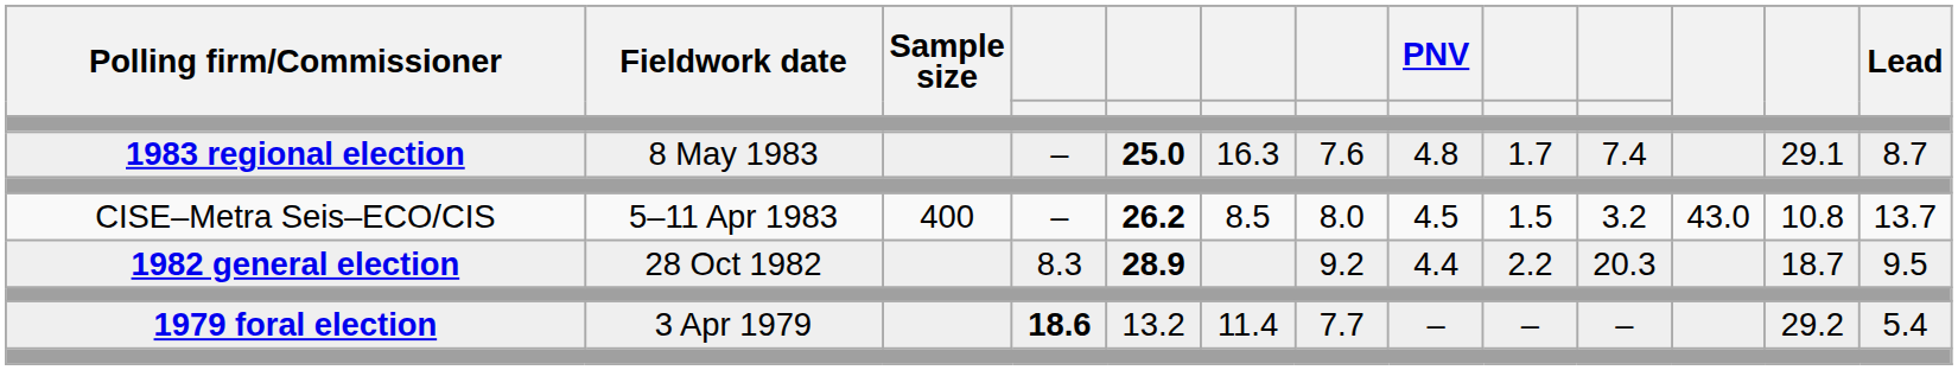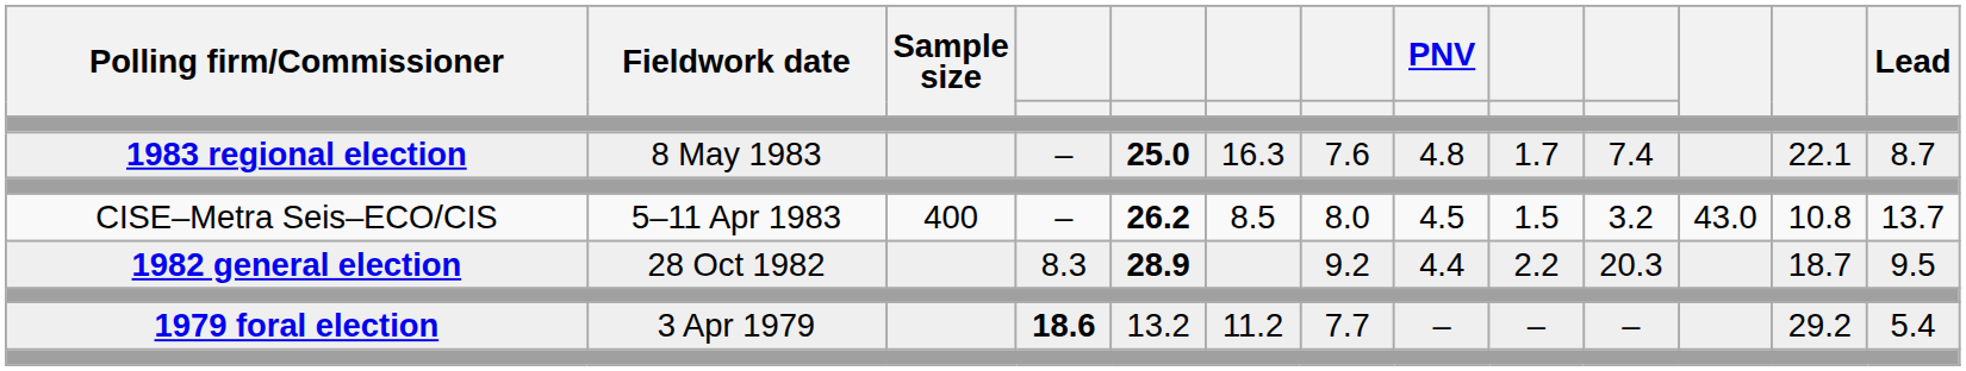 <table class="wikitable collapsible collapsed" style="text-align:center; font-size:90%; line-height:14px;">
 <tr style="height:42px;">
 <th style="width:250px;" rowspan="2">Polling firm/Commissioner</th>
 <th style="width:125px;" rowspan="2">Fieldwork date</th>
 <th style="width:50px;" rowspan="2">Sample size</th>
 <th style="width:35px;"></th>
 <th style="width:35px;"></th>
 <th style="width:35px;"></th>
 <th style="width:35px;"></th>
 <th style="width:35px;"><a href='#'>PNV</a></th>
 <th style="width:35px;"></th>
 <th style="width:35px;"></th>
 <th style="width:35px;" rowspan="2"></th>
 <th style="width:35px;" rowspan="2"></th>
 <th style="width:30px;" rowspan="2">Lead</th>
 </tr>
 <tr>
 <th style="color:inherit;background:"></th>
 <th style="color:inherit;background:"></th>
 <th style="color:inherit;background:"></th>
 <th style="color:inherit;background:"></th>
 <th style="color:inherit;background:"></th>
 <th style="color:inherit;background:"></th>
 <th style="color:inherit;background:"></th>
 </tr>
 <tr>
 <td colspan="13" style="background:#A0A0A0"></td>
 </tr>
 <tr style="background:#EFEFEF;">
 <td><strong><a href='#'>1983 regional election</a></strong></td>
 <td>8 May 1983</td>
 <td></td>
 <td>–</td>
 <td><strong>25.0</strong></td>
 <td>16.3</td>
 <td>7.6</td>
 <td>4.8</td>
 <td>1.7</td>
 <td>7.4</td>
 <td></td>
-<td>29.1</td>
+<td>22.1</td>
 <td style="background:">8.7</td>
 </tr>
 <tr>
 <td colspan="13" style="background:#A0A0A0"></td>
 </tr>
 <tr>
 <td>CISE–Metra Seis–ECO/CIS</td>
 <td>5–11 Apr 1983</td>
 <td>400</td>
 <td>–</td>
 <td><strong>26.2</strong></td>
 <td>8.5</td>
 <td>8.0</td>
 <td>4.5</td>
 <td>1.5</td>
 <td>3.2</td>
 <td>43.0</td>
 <td>10.8</td>
 <td style="background:">13.7</td>
 </tr>
 <tr style="background:#EFEFEF;">
 <td><strong><a href='#'>1982 general election</a></strong></td>
 <td>28 Oct 1982</td>
 <td></td>
 <td>8.3</td>
 <td><strong>28.9</strong></td>
 <td></td>
 <td>9.2</td>
 <td>4.4</td>
 <td>2.2</td>
 <td>20.3</td>
 <td></td>
 <td>18.7</td>
 <td style="background:">9.5</td>
 </tr>
 <tr>
 <td colspan="13" style="background:#A0A0A0"></td>
 </tr>
 <tr style="background:#EFEFEF;">
 <td><strong><a href='#'>1979 foral election</a></strong></td>
 <td>3 Apr 1979</td>
 <td></td>
 <td><strong>18.6</strong></td>
 <td>13.2</td>
-<td>11.4</td>
+<td>11.2</td>
 <td>7.7</td>
 <td>–</td>
 <td>–</td>
 <td>–</td>
 <td></td>
 <td>29.2</td>
 <td style="background:">5.4</td>
 </tr>
 <tr>
 <td colspan="13" style="background:#A0A0A0"></td>
 </tr>
 </table>
